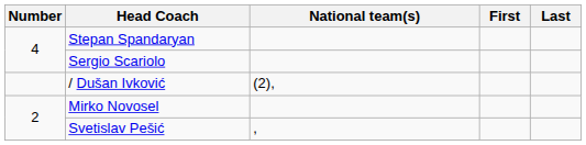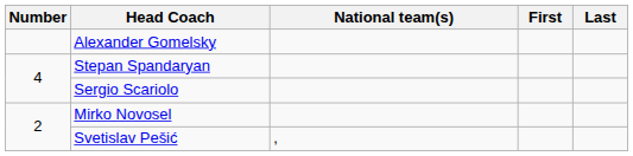 <table class="wikitable">
 <tr>
 <th>Number</th>
 <th style="width:200px">Head Coach</th>
 <th style="width:250px">National team(s)</th>
 <th style="width:50px">First</th>
 <th style="width:50px">Last</th>
+</tr>
+<tr>
+<td></td>
+<td> <a href='#'>Alexander Gomelsky</a></td>
+<td></td>
+<td></td>
+<td></td>
 </tr>
 <tr>
 <td rowspan=2 style="text-align:center;">4</td>
 <td> <a href='#'>Stepan Spandaryan</a></td>
 <td></td>
 <td></td>
 <td></td>
 </tr>
 <tr>
 <td> <a href='#'>Sergio Scariolo</a></td>
 <td></td>
-<td></td>
-<td></td>
-</tr>
-<tr>
-<td></td>
-<td>/ <a href='#'>Dušan Ivković</a></td>
-<td> (2), </td>
 <td></td>
 <td></td>
 </tr>
 <tr>
 <td rowspan=2 style="text-align:center;">2</td>
 <td> <a href='#'>Mirko Novosel</a></td>
 <td></td>
 <td></td>
 <td></td>
 </tr>
 <tr>
 <td> <a href='#'>Svetislav Pešić</a></td>
 <td>, </td>
 <td></td>
 <td></td>
 </tr>
 </table>
